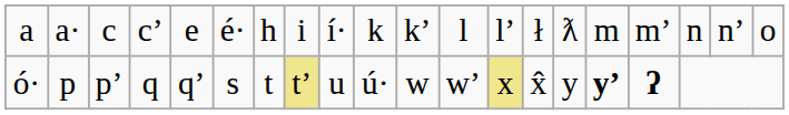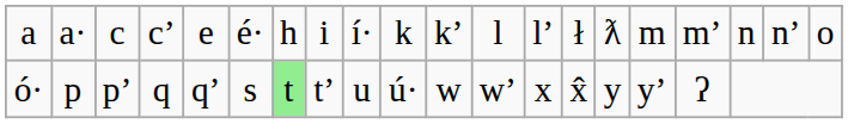 <table class="wikitable" style="text-align: center;">
 <tr>
 <td>a</td>
 <td>a·</td>
 <td>c</td>
 <td>c’</td>
 <td>e</td>
 <td>é·</td>
 <td>h</td>
 <td>i</td>
 <td>í·</td>
 <td>k</td>
 <td>k’</td>
 <td>l</td>
 <td>l’</td>
 <td>ł</td>
 <td>ƛ</td>
 <td>m</td>
 <td>m’</td>
 <td>n</td>
 <td>n’</td>
 <td>o</td>
 </tr>
 <tr>
 <td>ó·</td>
 <td>p</td>
 <td>p’</td>
 <td>q</td>
 <td>q’</td>
 <td>s</td>
-<td>t</td>
-<td style="background: khaki;">t’</td>
+<td style="background: lightgreen;">t</td>
+<td>t’</td>
 <td>u</td>
 <td>ú·</td>
 <td>w</td>
 <td>w’</td>
-<td style="background: khaki;">x</td>
+<td>x</td>
 <td>x̂</td>
 <td>y</td>
-<td><strong>y’</strong></td>
-<td><strong>ʔ</strong></td>
+<td>y’</td>
+<td>ʔ</td>
 </tr>
 </table>
